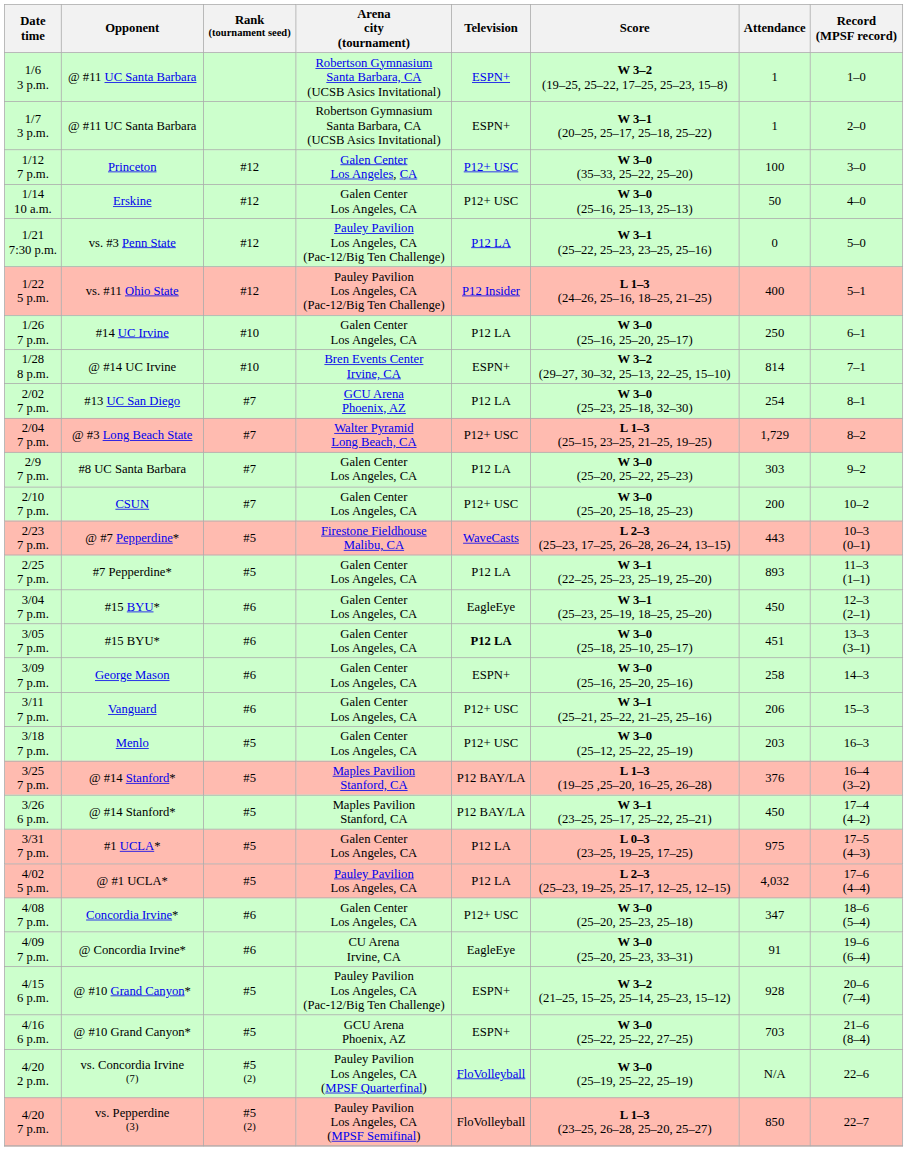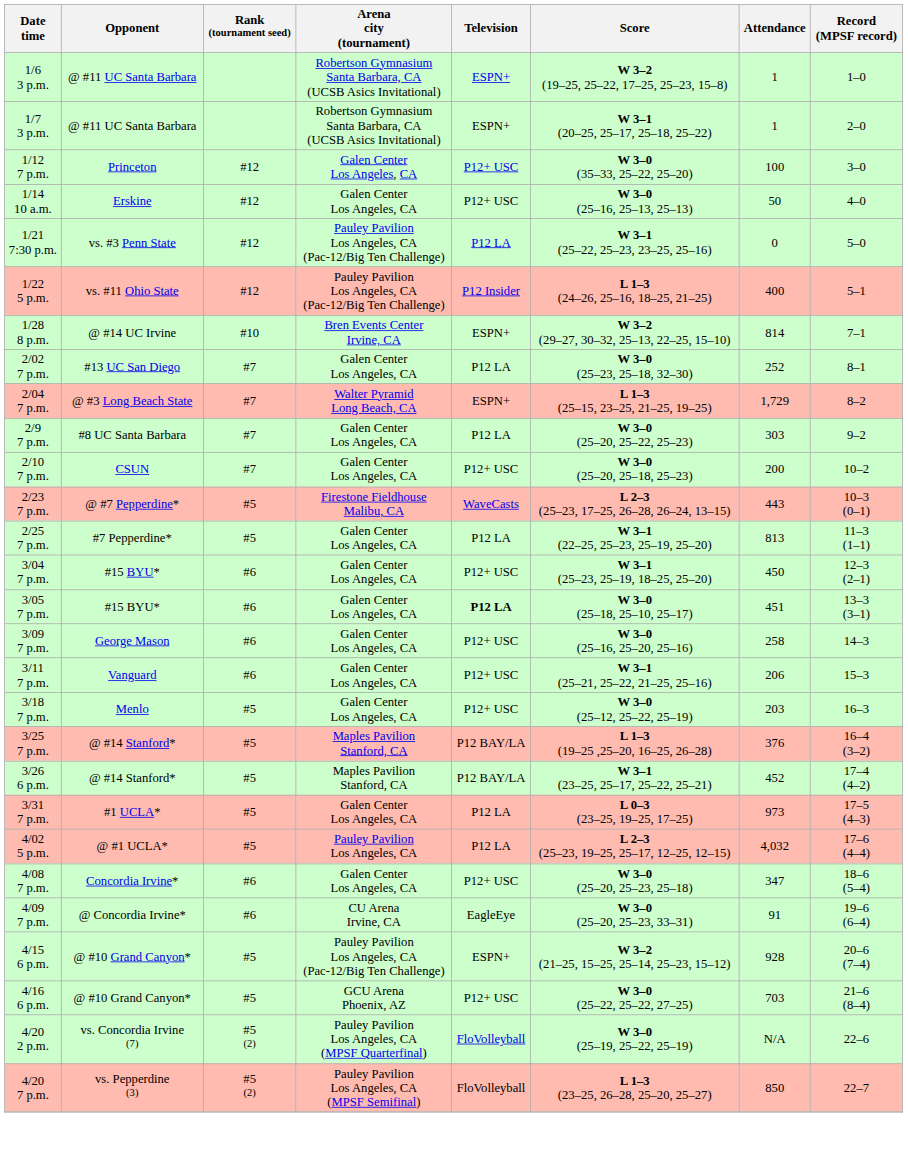 <table class="wikitable sortable" style="width:90%">
 <tr>
 <th>Date<br>time</th>
 <th>Opponent</th>
 <th>Rank<br><sup>(tournament seed)</sup></th>
 <th>Arena<br>city<br>(tournament)</th>
 <th>Television</th>
 <th>Score</th>
 <th>Attendance</th>
 <th>Record<br>(MPSF record)</th>
 </tr>
 <tr align="center" bgcolor="#ccffcc">
 <td>1/6<br>3 p.m.</td>
 <td>@ #11 <a href='#'>UC Santa Barbara</a></td>
 <td></td>
 <td><a href='#'>Robertson Gymnasium</a><br><a href='#'>Santa Barbara, CA</a><br>(UCSB Asics Invitational)</td>
 <td><a href='#'>ESPN+</a></td>
 <td><strong>W 3–2</strong><br>(19–25, 25–22, 17–25, 25–23, 15–8)</td>
 <td>1</td>
 <td>1–0</td>
 </tr>
 <tr align="center" bgcolor="#ccffcc">
 <td>1/7<br>3 p.m.</td>
 <td>@ #11 UC Santa Barbara</td>
 <td></td>
 <td>Robertson Gymnasium<br>Santa Barbara, CA<br>(UCSB Asics Invitational)</td>
 <td>ESPN+</td>
 <td><strong>W 3–1</strong><br>(20–25, 25–17, 25–18, 25–22)</td>
 <td>1</td>
 <td>2–0</td>
 </tr>
 <tr align="center" bgcolor="#ccffcc">
 <td>1/12<br>7 p.m.</td>
 <td><a href='#'>Princeton</a></td>
 <td>#12</td>
 <td><a href='#'>Galen Center</a><br><a href='#'>Los Angeles</a>, <a href='#'>CA</a></td>
 <td><a href='#'>P12+ USC</a></td>
 <td><strong>W 3–0</strong><br> (35–33, 25–22, 25–20)</td>
 <td>100</td>
 <td>3–0</td>
 </tr>
 <tr align="center" bgcolor="#ccffcc">
 <td>1/14<br>10 a.m.</td>
 <td><a href='#'>Erskine</a></td>
 <td>#12</td>
 <td>Galen Center<br>Los Angeles, CA</td>
 <td>P12+ USC</td>
 <td><strong>W 3–0</strong><br> (25–16, 25–13, 25–13)</td>
 <td>50</td>
 <td>4–0</td>
 </tr>
 <tr align="center" bgcolor="#ccffcc">
 <td>1/21<br>7:30 p.m.</td>
 <td>vs. #3 <a href='#'>Penn State</a></td>
 <td>#12</td>
 <td><a href='#'>Pauley Pavilion</a><br>Los Angeles, CA<br>(Pac-12/Big Ten Challenge)</td>
 <td><a href='#'>P12 LA</a></td>
 <td><strong>W 3–1</strong><br>(25–22, 25–23, 23–25, 25–16)</td>
 <td>0</td>
 <td>5–0</td>
 </tr>
 <tr align="center" bgcolor="#ffbbb">
 <td>1/22<br>5 p.m.</td>
 <td>vs. #11 <a href='#'>Ohio State</a></td>
 <td>#12</td>
 <td>Pauley Pavilion<br>Los Angeles, CA<br>(Pac-12/Big Ten Challenge)</td>
 <td><a href='#'>P12 Insider</a></td>
 <td><strong>L 1–3</strong><br>(24–26, 25–16, 18–25, 21–25)</td>
 <td>400</td>
 <td>5–1</td>
 </tr>
 <tr align="center" bgcolor="#ccffcc">
-<td>1/26<br>7 p.m.</td>
-<td>#14 <a href='#'>UC Irvine</a></td>
-<td>#10</td>
-<td>Galen Center<br>Los Angeles, CA</td>
-<td>P12 LA</td>
-<td><strong>W 3–0</strong><br>(25–16, 25–20, 25–17)</td>
-<td>250</td>
-<td>6–1</td>
-</tr>
-<tr align="center" bgcolor="#ccffcc">
 <td>1/28<br>8 p.m.</td>
 <td>@ #14 UC Irvine</td>
 <td>#10</td>
 <td><a href='#'>Bren Events Center</a><br><a href='#'>Irvine, CA</a></td>
 <td>ESPN+</td>
 <td><strong>W 3–2</strong><br>(29–27, 30–32, 25–13, 22–25, 15–10)</td>
 <td>814</td>
 <td>7–1</td>
 </tr>
 <tr align="center" bgcolor="#ccffcc">
 <td>2/02<br>7 p.m.</td>
 <td>#13 <a href='#'>UC San Diego</a></td>
 <td>#7</td>
-<td><a href='#'>GCU Arena</a><br><a href='#'>Phoenix, AZ</a></td>
+<td>Galen Center<br>Los Angeles, CA</td>
 <td>P12 LA</td>
 <td><strong>W 3–0</strong><br>(25–23, 25–18, 32–30)</td>
-<td>254</td>
+<td>252</td>
 <td>8–1</td>
 </tr>
 <tr align="center" bgcolor="#ffbbb">
 <td>2/04<br>7 p.m.</td>
 <td>@ #3 <a href='#'>Long Beach State</a></td>
 <td>#7</td>
 <td><a href='#'>Walter Pyramid</a><br><a href='#'>Long Beach, CA</a></td>
-<td>P12+ USC</td>
+<td>ESPN+</td>
 <td><strong>L 1–3</strong><br>(25–15, 23–25, 21–25, 19–25)</td>
 <td>1,729</td>
 <td>8–2</td>
 </tr>
 <tr align="center" bgcolor="#ccffcc">
 <td>2/9<br>7 p.m.</td>
 <td>#8 UC Santa Barbara</td>
 <td>#7</td>
 <td>Galen Center<br>Los Angeles, CA</td>
 <td>P12 LA</td>
 <td><strong>W 3–0</strong><br>(25–20, 25–22, 25–23)</td>
 <td>303</td>
 <td>9–2</td>
 </tr>
 <tr align="center" bgcolor="#ccffcc">
 <td>2/10<br>7 p.m.</td>
 <td><a href='#'>CSUN</a></td>
 <td>#7</td>
 <td>Galen Center<br>Los Angeles, CA</td>
 <td>P12+ USC</td>
 <td><strong>W 3–0</strong><br>(25–20, 25–18, 25–23)</td>
 <td>200</td>
 <td>10–2</td>
 </tr>
 <tr align="center" bgcolor="#ffbbb">
 <td>2/23<br>7 p.m.</td>
 <td>@ #7 <a href='#'>Pepperdine</a>*</td>
 <td>#5</td>
 <td><a href='#'>Firestone Fieldhouse</a><br><a href='#'>Malibu, CA</a></td>
 <td><a href='#'>WaveCasts</a></td>
 <td><strong>L 2–3</strong><br>(25–23, 17–25, 26–28, 26–24, 13–15)</td>
 <td>443</td>
 <td>10–3<br>(0–1)</td>
 </tr>
 <tr align="center" bgcolor="#ccffcc">
 <td>2/25<br>7 p.m.</td>
 <td>#7 Pepperdine*</td>
 <td>#5</td>
 <td>Galen Center<br>Los Angeles, CA</td>
 <td>P12 LA</td>
 <td><strong>W 3–1</strong><br>(22–25, 25–23, 25–19, 25–20)</td>
-<td>893</td>
+<td>813</td>
 <td>11–3<br>(1–1)</td>
 </tr>
 <tr align="center" bgcolor="#ccffcc">
 <td>3/04<br>7 p.m.</td>
 <td>#15 <a href='#'>BYU</a>*</td>
 <td>#6</td>
 <td>Galen Center<br>Los Angeles, CA</td>
-<td>EagleEye</td>
+<td>P12+ USC</td>
 <td><strong>W 3–1</strong><br>(25–23, 25–19, 18–25, 25–20)</td>
 <td>450</td>
 <td>12–3<br>(2–1)</td>
 </tr>
 <tr align="center" bgcolor="#ccffcc">
 <td>3/05<br>7 p.m.</td>
 <td>#15 BYU*</td>
 <td>#6</td>
 <td>Galen Center<br>Los Angeles, CA</td>
 <td><strong>P12 LA</strong></td>
 <td><strong>W 3–0</strong><br>(25–18, 25–10, 25–17)</td>
 <td>451</td>
 <td>13–3<br>(3–1)</td>
 </tr>
 <tr align="center" bgcolor="#ccffcc">
 <td>3/09<br>7 p.m.</td>
 <td><a href='#'>George Mason</a></td>
 <td>#6</td>
 <td>Galen Center<br>Los Angeles, CA</td>
-<td>ESPN+</td>
+<td>P12+ USC</td>
 <td><strong>W 3–0</strong><br>(25–16, 25–20, 25–16)</td>
 <td>258</td>
 <td>14–3</td>
 </tr>
 <tr align="center" bgcolor="#ccffcc">
 <td>3/11<br>7 p.m.</td>
 <td><a href='#'>Vanguard</a></td>
 <td>#6</td>
 <td>Galen Center<br>Los Angeles, CA</td>
 <td>P12+ USC</td>
 <td><strong>W 3–1</strong><br>(25–21, 25–22, 21–25, 25–16)</td>
 <td>206</td>
 <td>15–3</td>
 </tr>
 <tr align="center" bgcolor="#ccffcc">
 <td>3/18<br>7 p.m.</td>
 <td><a href='#'>Menlo</a></td>
 <td>#5</td>
 <td>Galen Center<br>Los Angeles, CA</td>
 <td>P12+ USC</td>
 <td><strong>W 3–0</strong><br>(25–12, 25–22, 25–19)</td>
 <td>203</td>
 <td>16–3</td>
 </tr>
 <tr align="center" bgcolor="#ffbbb">
 <td>3/25<br>7 p.m.</td>
 <td>@ #14 <a href='#'>Stanford</a>*</td>
 <td>#5</td>
 <td><a href='#'>Maples Pavilion</a><br><a href='#'>Stanford, CA</a></td>
 <td>P12 BAY/LA</td>
 <td><strong>L 1–3</strong><br>(19–25 ,25–20, 16–25, 26–28)</td>
 <td>376</td>
 <td>16–4<br>(3–2)</td>
 </tr>
 <tr align="center" bgcolor="#ccffcc">
 <td>3/26<br>6 p.m.</td>
 <td>@ #14 Stanford*</td>
 <td>#5</td>
 <td>Maples Pavilion<br>Stanford, CA</td>
 <td>P12 BAY/LA</td>
 <td><strong>W 3–1</strong><br>(23–25, 25–17, 25–22, 25–21)</td>
-<td>450</td>
+<td>452</td>
 <td>17–4<br>(4–2)</td>
 </tr>
 <tr align="center" bgcolor="#ffbbb">
 <td>3/31<br>7 p.m.</td>
 <td>#1 <a href='#'>UCLA</a>*</td>
 <td>#5</td>
 <td>Galen Center<br>Los Angeles, CA</td>
 <td>P12 LA</td>
 <td><strong>L 0–3</strong><br>(23–25, 19–25, 17–25)</td>
-<td>975</td>
+<td>973</td>
 <td>17–5<br>(4–3)</td>
 </tr>
 <tr align="center" bgcolor="#ffbbb">
 <td>4/02<br>5 p.m.</td>
 <td>@ #1 UCLA*</td>
 <td>#5</td>
 <td><a href='#'>Pauley Pavilion</a><br>Los Angeles, CA</td>
 <td>P12 LA</td>
 <td><strong>L 2–3</strong><br>(25–23, 19–25, 25–17, 12–25, 12–15)</td>
 <td>4,032</td>
 <td>17–6<br>(4–4)</td>
 </tr>
 <tr align="center" bgcolor="#ccffcc">
 <td>4/08<br>7 p.m.</td>
 <td><a href='#'>Concordia Irvine</a>*</td>
 <td>#6</td>
 <td>Galen Center<br>Los Angeles, CA</td>
 <td>P12+ USC</td>
 <td><strong>W 3–0</strong><br>(25–20, 25–23, 25–18)</td>
 <td>347</td>
 <td>18–6<br>(5–4)</td>
 </tr>
 <tr align="center" bgcolor="#ccffcc">
 <td>4/09<br>7 p.m.</td>
 <td>@ Concordia Irvine*</td>
 <td>#6</td>
 <td>CU Arena<br>Irvine, CA</td>
 <td>EagleEye</td>
 <td><strong>W 3–0</strong><br>(25–20, 25–23, 33–31)</td>
 <td>91</td>
 <td>19–6<br>(6–4)</td>
 </tr>
 <tr align="center" bgcolor="#ccffcc">
 <td>4/15<br>6 p.m.</td>
 <td>@ #10 <a href='#'>Grand Canyon</a>*</td>
 <td>#5</td>
 <td>Pauley Pavilion<br>Los Angeles, CA<br>(Pac-12/Big Ten Challenge)</td>
 <td>ESPN+</td>
 <td><strong>W 3–2</strong><br>(21–25, 15–25, 25–14, 25–23, 15–12)</td>
 <td>928</td>
 <td>20–6<br>(7–4)</td>
 </tr>
 <tr align="center" bgcolor="#ccffcc">
 <td>4/16<br>6 p.m.</td>
 <td>@ #10 Grand Canyon*</td>
 <td>#5</td>
 <td>GCU Arena<br>Phoenix, AZ</td>
-<td>ESPN+</td>
+<td>P12+ USC</td>
 <td><strong>W 3–0</strong><br>(25–22, 25–22, 27–25)</td>
 <td>703</td>
 <td>21–6<br>(8–4)</td>
 </tr>
 <tr align="center" bgcolor="#ccffcc">
 <td>4/20<br>2 p.m.</td>
 <td>vs. Concordia Irvine <br> <sup>(7)</sup></td>
 <td>#5<br> <sup>(2)</sup></td>
 <td>Pauley Pavilion<br>Los Angeles, CA<br>(<a href='#'>MPSF Quarterfinal</a>)</td>
 <td><a href='#'>FloVolleyball</a></td>
 <td><strong>W 3–0</strong><br>(25–19, 25–22, 25–19)</td>
 <td>N/A</td>
 <td>22–6</td>
 </tr>
 <tr align="center" bgcolor="#ffbbb">
 <td>4/20<br>7 p.m.</td>
 <td>vs. Pepperdine <br> <sup>(3)</sup></td>
 <td>#5<br> <sup>(2)</sup></td>
 <td>Pauley Pavilion<br>Los Angeles, CA<br>(<a href='#'>MPSF Semifinal</a>)</td>
 <td>FloVolleyball</td>
 <td><strong>L 1–3</strong><br>(23–25, 26–28, 25–20, 25–27)</td>
 <td>850</td>
 <td>22–7</td>
 </tr>
 <tr>
 </tr>
 </table>
